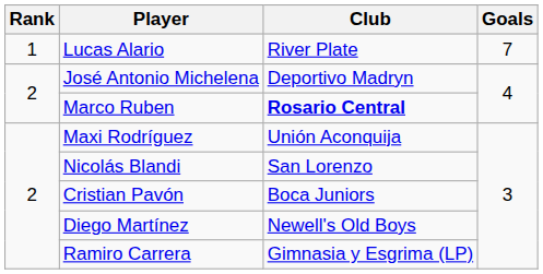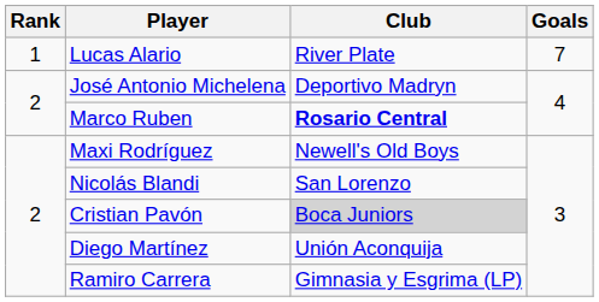 <table class="wikitable" border="1">
 <tr>
 <th>Rank</th>
 <th>Player</th>
 <th>Club</th>
 <th>Goals</th>
 </tr>
 <tr>
 <td align=center>1</td>
 <td> <a href='#'>Lucas Alario</a></td>
 <td><a href='#'>River Plate</a></td>
 <td align=center>7</td>
 </tr>
 <tr>
 <td align=center rowspan=2>2</td>
 <td> <a href='#'>José Antonio Michelena</a></td>
 <td><a href='#'>Deportivo Madryn</a></td>
 <td align=center rowspan=2>4</td>
 </tr>
 <tr>
 <td> <a href='#'>Marco Ruben</a></td>
 <td><strong><a href='#'>Rosario Central</a></strong></td>
 </tr>
 <tr>
 <td align=center rowspan=5>2</td>
 <td> <a href='#'>Maxi Rodríguez</a></td>
-<td><a href='#'>Unión Aconquija</a></td>
+<td><a href='#'>Newell's Old Boys</a></td>
 <td align=center rowspan=5>3</td>
 </tr>
 <tr>
 <td> <a href='#'>Nicolás Blandi</a></td>
 <td><a href='#'>San Lorenzo</a></td>
 </tr>
 <tr>
 <td> <a href='#'>Cristian Pavón</a></td>
-<td><a href='#'>Boca Juniors</a></td>
+<td style="background: lightgrey;"><a href='#'>Boca Juniors</a></td>
 </tr>
 <tr>
 <td> <a href='#'>Diego Martínez</a></td>
-<td><a href='#'>Newell's Old Boys</a></td>
+<td><a href='#'>Unión Aconquija</a></td>
 </tr>
 <tr>
 <td> <a href='#'>Ramiro Carrera</a></td>
 <td><a href='#'>Gimnasia y Esgrima (LP)</a></td>
 </tr>
 </table>
